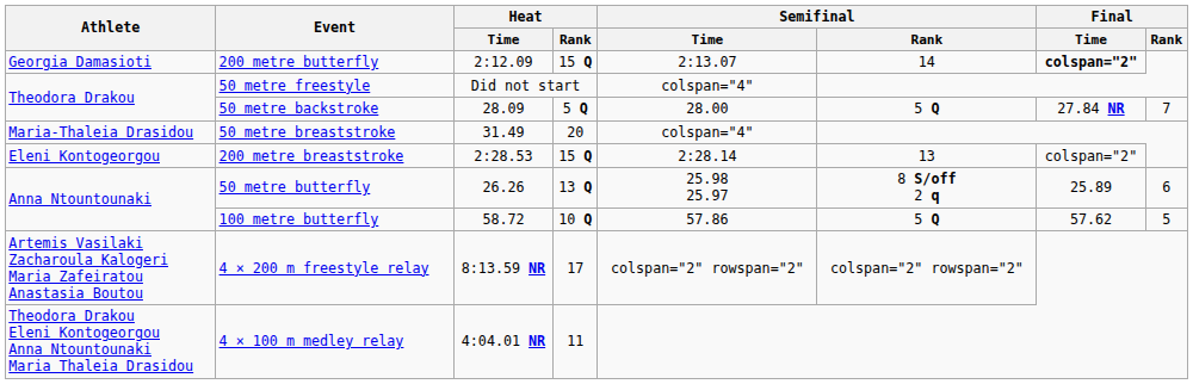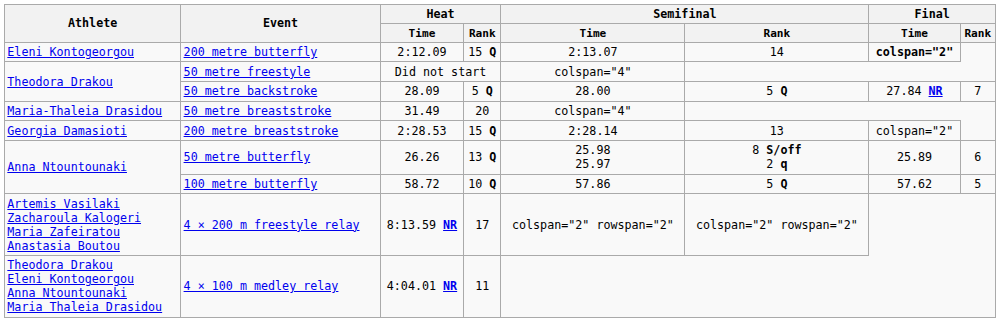 <table class="wikitable" style="text-align:center; font-size:90%; width:50%;">
 <tr>
 <th rowspan="2">Athlete</th>
 <th rowspan="2">Event</th>
 <th colspan="2">Heat</th>
 <th colspan="2">Semifinal</th>
 <th colspan="2">Final</th>
 </tr>
 <tr style="font-size:95%">
 <th>Time</th>
 <th>Rank</th>
 <th>Time</th>
 <th>Rank</th>
 <th>Time</th>
 <th>Rank</th>
 </tr>
 <tr align=center>
-<td align=left><a href='#'>Georgia Damasioti</a></td>
+<td align=left><a href='#'>Eleni Kontogeorgou</a></td>
 <td align=left><a href='#'>200 metre butterfly</a></td>
 <td>2:12.09</td>
 <td>15 <strong>Q</strong></td>
 <td>2:13.07</td>
 <td>14</td>
 <td><strong>colspan="2" </strong></td>
 </tr>
 <tr align=center>
 <td align=left rowspan="2"><a href='#'>Theodora Drakou</a></td>
 <td align=left><a href='#'>50 metre freestyle</a></td>
 <td colspan="2">Did not start</td>
 <td>colspan="4" </td>
 </tr>
 <tr align=center>
 <td align=left><a href='#'>50 metre backstroke</a></td>
 <td>28.09</td>
 <td>5 <strong>Q</strong></td>
 <td>28.00</td>
 <td>5 <strong>Q</strong></td>
 <td>27.84 <strong><a href='#'>NR</a></strong></td>
 <td>7</td>
 </tr>
 <tr align=center>
 <td align=left><a href='#'>Maria-Thaleia Drasidou</a></td>
 <td align=left><a href='#'>50 metre breaststroke</a></td>
 <td>31.49</td>
 <td>20</td>
 <td>colspan="4" </td>
 </tr>
 <tr align=center>
-<td align=left><a href='#'>Eleni Kontogeorgou</a></td>
+<td align=left><a href='#'>Georgia Damasioti</a></td>
 <td align=left><a href='#'>200 metre breaststroke</a></td>
 <td>2:28.53</td>
 <td>15 <strong>Q</strong></td>
 <td>2:28.14</td>
 <td>13</td>
 <td>colspan="2" </td>
 </tr>
 <tr align=center>
 <td align=left rowspan="2"><a href='#'>Anna Ntountounaki</a></td>
 <td align=left><a href='#'>50 metre butterfly</a></td>
 <td>26.26</td>
 <td>13 <strong>Q</strong></td>
 <td>25.98<br>25.97</td>
 <td>8 <strong>S/off</strong><br>2 <strong>q</strong></td>
 <td>25.89</td>
 <td>6</td>
 </tr>
 <tr align=center>
 <td align=left><a href='#'>100 metre butterfly</a></td>
 <td>58.72</td>
 <td>10 <strong>Q</strong></td>
 <td>57.86</td>
 <td>5 <strong>Q</strong></td>
 <td>57.62</td>
 <td>5</td>
 </tr>
 <tr>
 <td align=left><a href='#'>Artemis Vasilaki</a> <br><a href='#'>Zacharoula Kalogeri</a> <br><a href='#'>Maria Zafeiratou</a><br><a href='#'>Anastasia Boutou</a></td>
 <td align=left><a href='#'>4 × 200 m freestyle relay</a></td>
 <td>8:13.59 <strong><a href='#'>NR</a></strong></td>
 <td>17</td>
 <td>colspan="2" rowspan="2" </td>
 <td>colspan="2"  rowspan="2"</td>
 </tr>
 <tr>
 <td align=left><a href='#'>Theodora Drakou</a><br><a href='#'>Eleni Kontogeorgou</a><br><a href='#'>Anna Ntountounaki</a> <br><a href='#'>Maria Thaleia Drasidou</a></td>
 <td align=left><a href='#'>4 × 100 m medley relay</a></td>
 <td>4:04.01 <strong><a href='#'>NR</a></strong></td>
 <td>11</td>
 </tr>
 </table>
